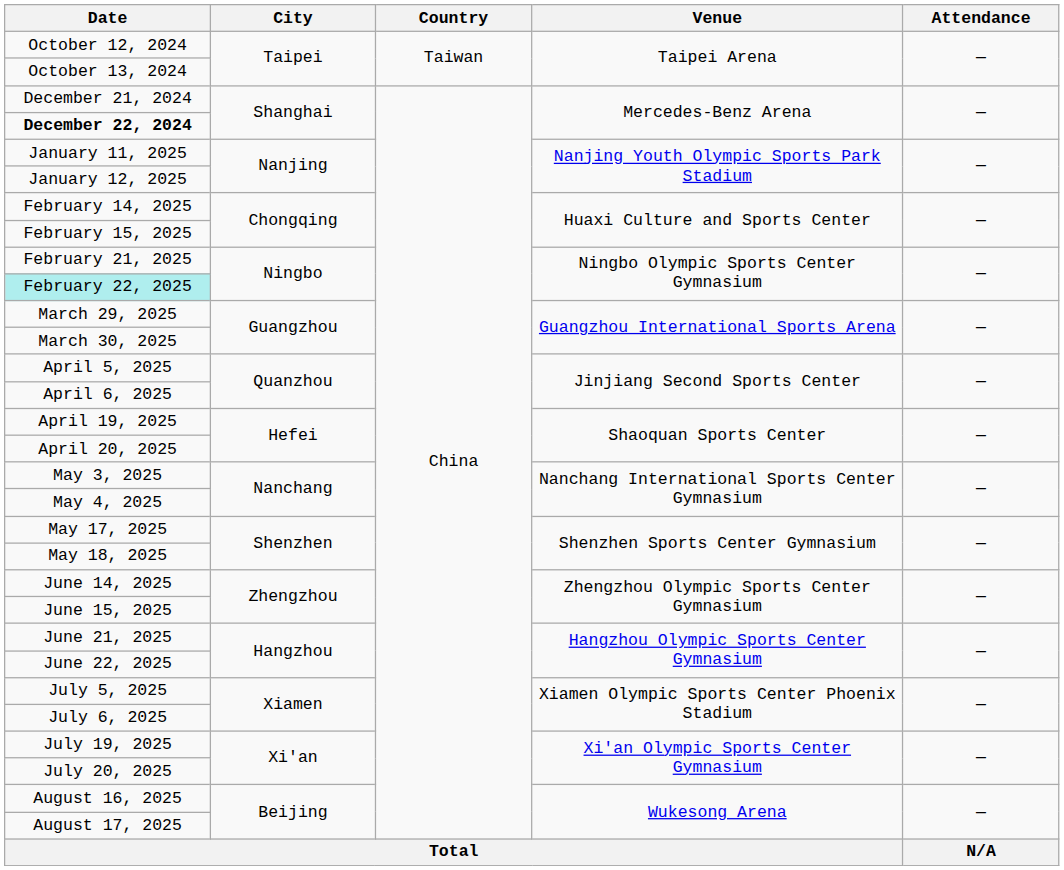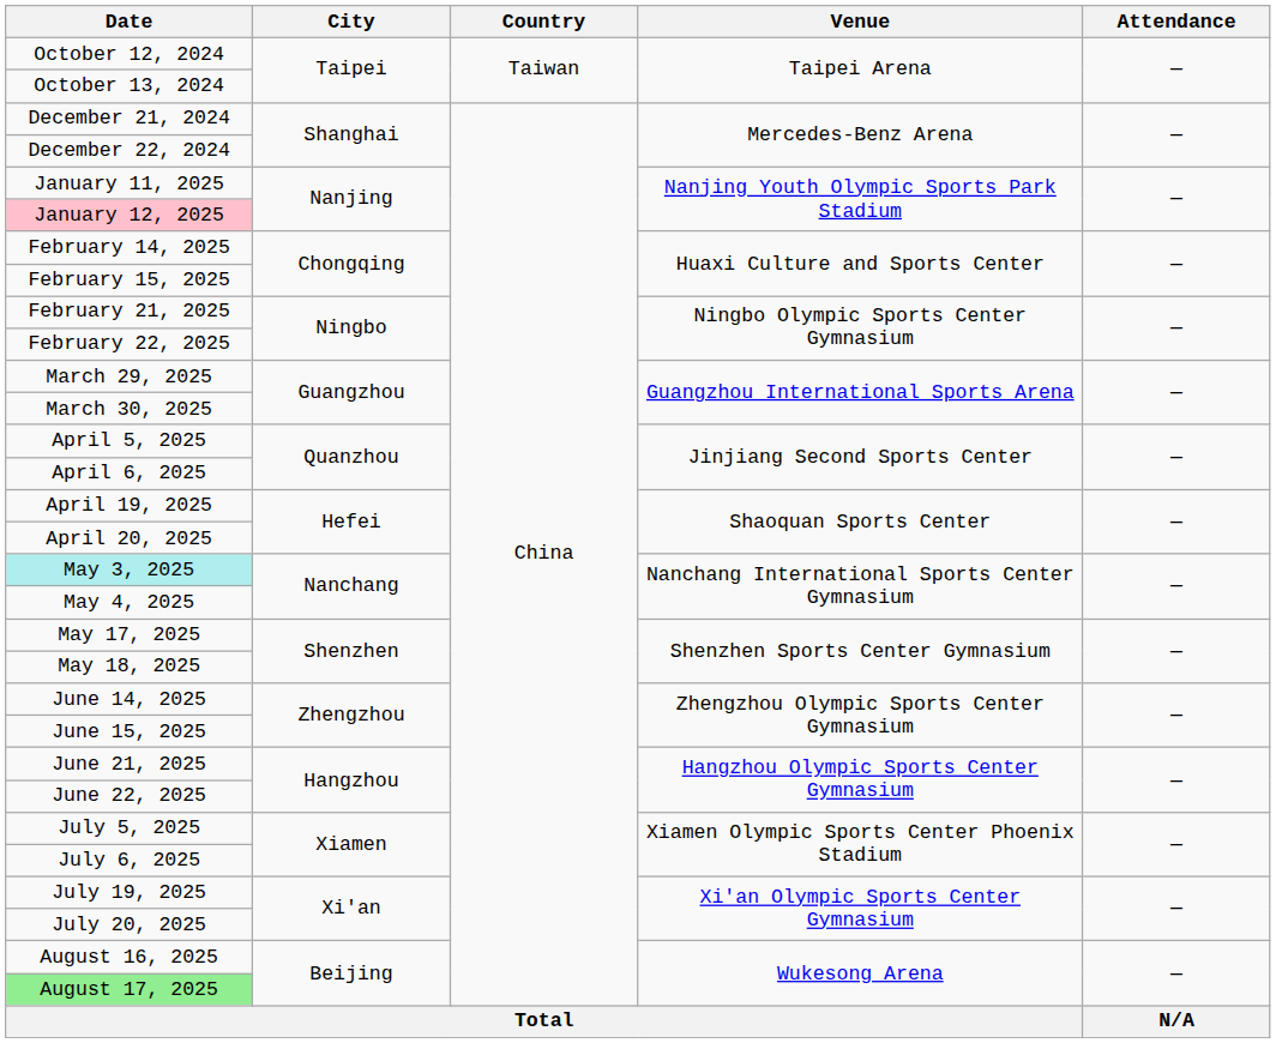 <table class="wikitable" style="text-align:center;">
 <tr>
 <th scope="col" style="width:12em;">Date</th>
 <th scope="col" style="width:9.5em;">City</th>
 <th scope="col" style="width:9em;">Country</th>
 <th scope="col" style="width:22em;">Venue</th>
 <th scope="col" style="width:9em;">Attendance</th>
 </tr>
 <tr>
 <td>October 12, 2024</td>
 <td rowspan="2">Taipei</td>
 <td rowspan="2">Taiwan</td>
 <td rowspan="2">Taipei Arena</td>
 <td rowspan="2">—</td>
 </tr>
 <tr>
 <td>October 13, 2024</td>
 </tr>
 <tr>
 <td>December 21, 2024</td>
 <td rowspan="2">Shanghai</td>
 <td rowspan="28">China</td>
 <td rowspan="2">Mercedes-Benz Arena</td>
 <td rowspan="2">—</td>
 </tr>
 <tr>
-<td><strong>December 22, 2024</strong></td>
+<td>December 22, 2024</td>
 </tr>
 <tr>
 <td>January 11, 2025</td>
 <td rowspan="2">Nanjing</td>
 <td rowspan="2"><a href='#'>Nanjing Youth Olympic Sports Park Stadium</a></td>
 <td rowspan="2">—</td>
 </tr>
 <tr>
-<td>January 12, 2025</td>
+<td style="background: pink;">January 12, 2025</td>
 </tr>
 <tr>
 <td>February 14, 2025</td>
 <td rowspan="2">Chongqing</td>
 <td rowspan="2">Huaxi Culture and Sports Center</td>
 <td rowspan="2">—</td>
 </tr>
 <tr>
 <td>February 15, 2025</td>
 </tr>
 <tr>
 <td>February 21, 2025</td>
 <td rowspan="2">Ningbo</td>
 <td rowspan="2">Ningbo Olympic Sports Center Gymnasium</td>
 <td rowspan="2">—</td>
 </tr>
 <tr>
-<td style="background: paleturquoise;">February 22, 2025</td>
+<td>February 22, 2025</td>
 </tr>
 <tr>
 <td>March 29, 2025</td>
 <td rowspan="2">Guangzhou</td>
 <td rowspan="2"><a href='#'>Guangzhou International Sports Arena</a></td>
 <td rowspan="2">—</td>
 </tr>
 <tr>
 <td>March 30, 2025</td>
 </tr>
 <tr>
 <td>April 5, 2025</td>
 <td rowspan="2">Quanzhou</td>
 <td rowspan="2">Jinjiang Second Sports Center</td>
 <td rowspan="2">—</td>
 </tr>
 <tr>
 <td>April 6, 2025</td>
 </tr>
 <tr>
 <td>April 19, 2025</td>
 <td rowspan="2">Hefei</td>
 <td rowspan="2">Shaoquan Sports Center</td>
 <td rowspan="2">—</td>
 </tr>
 <tr>
 <td>April 20, 2025</td>
 </tr>
 <tr>
-<td>May 3, 2025</td>
+<td style="background: paleturquoise;">May 3, 2025</td>
 <td rowspan="2">Nanchang</td>
 <td rowspan="2">Nanchang International Sports Center Gymnasium</td>
 <td rowspan="2">—</td>
 </tr>
 <tr>
 <td>May 4, 2025</td>
 </tr>
 <tr>
 <td>May 17, 2025</td>
 <td rowspan="2">Shenzhen</td>
 <td rowspan="2">Shenzhen Sports Center Gymnasium</td>
 <td rowspan="2">—</td>
 </tr>
 <tr>
 <td>May 18, 2025</td>
 </tr>
 <tr>
 <td>June 14, 2025</td>
 <td rowspan="2">Zhengzhou</td>
 <td rowspan="2">Zhengzhou Olympic Sports Center Gymnasium</td>
 <td rowspan="2">—</td>
 </tr>
 <tr>
 <td>June 15, 2025</td>
 </tr>
 <tr>
 <td>June 21, 2025</td>
 <td rowspan="2">Hangzhou</td>
 <td rowspan="2"><a href='#'>Hangzhou Olympic Sports Center Gymnasium</a></td>
 <td rowspan="2">—</td>
 </tr>
 <tr>
 <td>June 22, 2025</td>
 </tr>
 <tr>
 <td>July 5, 2025</td>
 <td rowspan="2">Xiamen</td>
 <td rowspan="2">Xiamen Olympic Sports Center Phoenix Stadium</td>
 <td rowspan="2">—</td>
 </tr>
 <tr>
 <td>July 6, 2025</td>
 </tr>
 <tr>
 <td>July 19, 2025</td>
 <td rowspan="2">Xi'an</td>
 <td rowspan="2"><a href='#'>Xi'an Olympic Sports Center Gymnasium</a></td>
 <td rowspan="2">—</td>
 </tr>
 <tr>
 <td>July 20, 2025</td>
 </tr>
 <tr>
 <td>August 16, 2025</td>
 <td rowspan="2">Beijing</td>
 <td rowspan="2"><a href='#'>Wukesong Arena</a></td>
 <td rowspan="2">—</td>
 </tr>
 <tr>
-<td>August 17, 2025</td>
+<td style="background: lightgreen;">August 17, 2025</td>
 </tr>
 <tr>
 <th colspan="4">Total</th>
 <th>N/A</th>
 </tr>
 </table>
